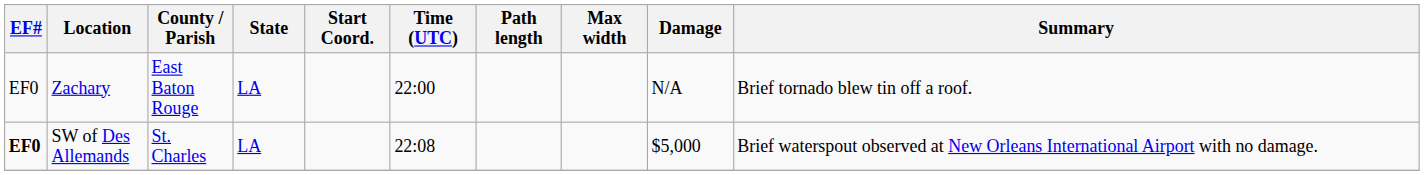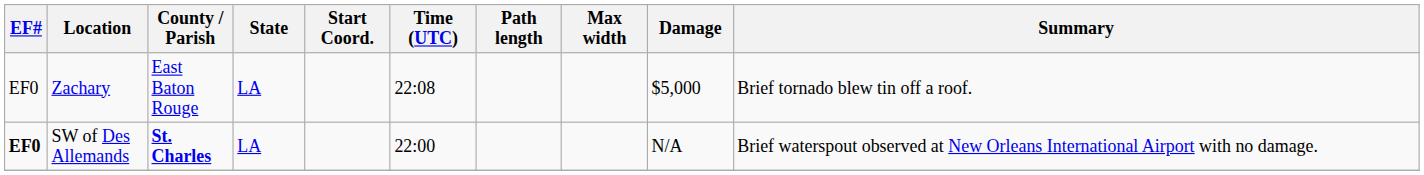 <table class="wikitable sortable" style="width:100%;">
 <tr>
 <th scope="col" width="3%" align="center"><a href='#'>EF#</a></th>
 <th scope="col" width="7%" align="center" class="unsortable">Location</th>
 <th scope="col" width="6%" align="center" class="unsortable">County / Parish</th>
 <th scope="col" width="5%" align="center">State</th>
 <th scope="col" width="6%" align="center">Start Coord.</th>
 <th scope="col" width="6%" align="center">Time (<a href='#'>UTC</a>)</th>
 <th scope="col" width="6%" align="center">Path length</th>
 <th scope="col" width="6%" align="center">Max width</th>
 <th scope="col" width="6%" align="center">Damage</th>
 <th scope="col" width="48%" class="unsortable" align="center">Summary</th>
 </tr>
 <tr>
 <td>EF0</td>
 <td><a href='#'>Zachary</a></td>
 <td><a href='#'>East Baton Rouge</a></td>
 <td><a href='#'>LA</a></td>
 <td></td>
-<td>22:00</td>
+<td>22:08</td>
 <td></td>
 <td></td>
-<td>N/A</td>
+<td>$5,000</td>
 <td>Brief tornado blew tin off a roof.</td>
 </tr>
 <tr>
 <td><strong>EF0</strong></td>
 <td>SW of <a href='#'>Des Allemands</a></td>
-<td><a href='#'>St. Charles</a></td>
+<td><strong><a href='#'>St. Charles</a></strong></td>
 <td><a href='#'>LA</a></td>
 <td></td>
-<td>22:08</td>
+<td>22:00</td>
 <td></td>
 <td></td>
-<td>$5,000</td>
+<td>N/A</td>
 <td>Brief waterspout observed at <a href='#'>New Orleans International Airport</a> with no damage.</td>
 </tr>
 <tr>
 </tr>
 </table>
